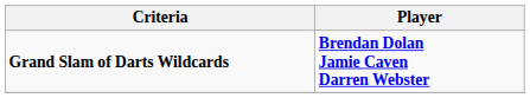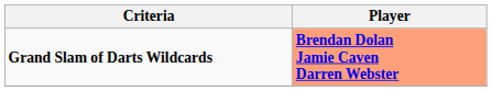 <table class="wikitable">
 <tr>
 <th width=300>Criteria</th>
 <th width=200>Player</th>
 </tr>
 <tr>
 <td><strong>Grand Slam of Darts Wildcards</strong></td>
-<td> <strong><a href='#'>Brendan Dolan</a></strong><br> <strong><a href='#'>Jamie Caven</a></strong><br> <strong><a href='#'>Darren Webster</a></strong></td>
+<td style="background: lightsalmon;"> <strong><a href='#'>Brendan Dolan</a></strong><br> <strong><a href='#'>Jamie Caven</a></strong><br> <strong><a href='#'>Darren Webster</a></strong></td>
 </tr>
 <tr>
 </tr>
 </table>
